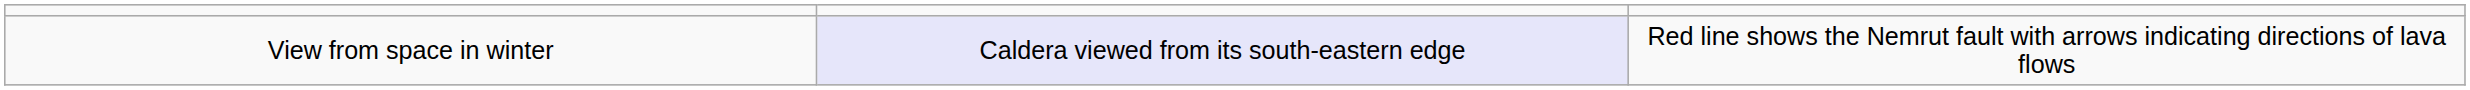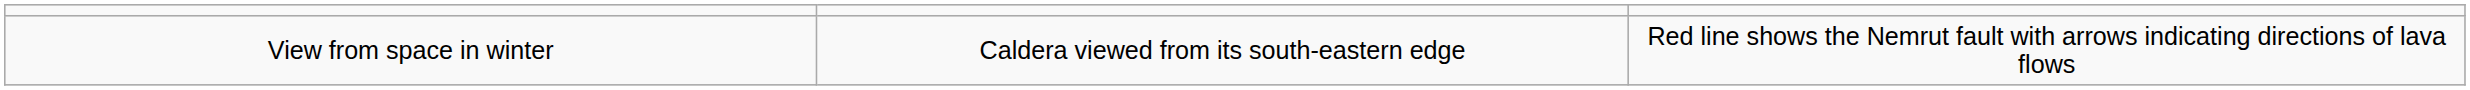 <table class="wikitable" style="text-align:center">
 <tr>
 <td width="33%"></td>
 <td width="33%"></td>
 <td></td>
 </tr>
 <tr>
 <td>View from space in winter</td>
-<td style="background: lavender;">Caldera viewed from its south-eastern edge</td>
+<td>Caldera viewed from its south-eastern edge</td>
 <td>Red line shows the Nemrut fault with arrows indicating directions of lava flows</td>
 </tr>
 </table>
